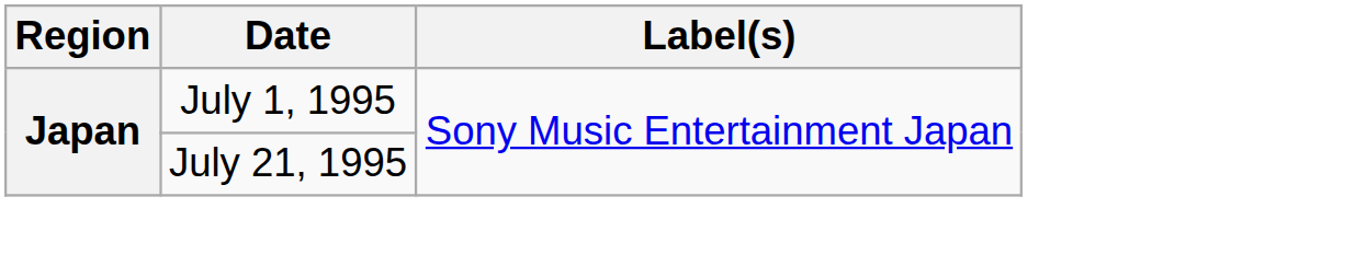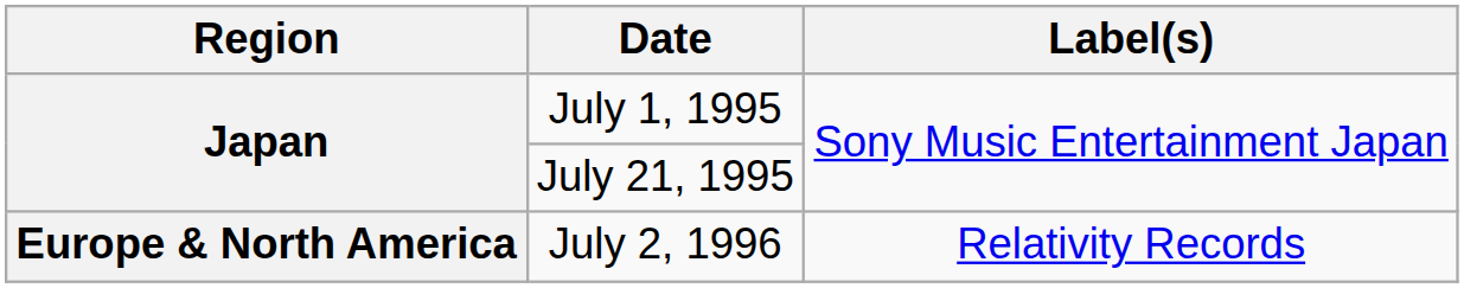 <table class="wikitable sortable plainrowheaders" style="text-align:center">
 <tr>
 <th scope="col">Region</th>
 <th scope="col">Date</th>
 <th scope="col">Label(s)</th>
 </tr>
 <tr>
 <th rowspan="2" scope="row">Japan</th>
 <td>July 1, 1995</td>
 <td rowspan="2"><a href='#'>Sony Music Entertainment Japan</a></td>
 </tr>
 <tr>
 <td>July 21, 1995</td>
 </tr>
+<tr>
+<th scope="row">Europe & North America</th>
+<td>July 2, 1996</td>
+<td><a href='#'>Relativity Records</a></td>
+</tr>
 </table>
